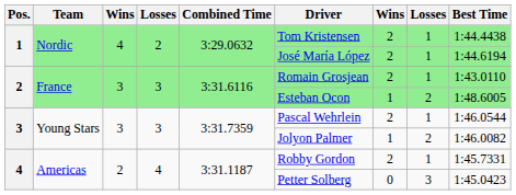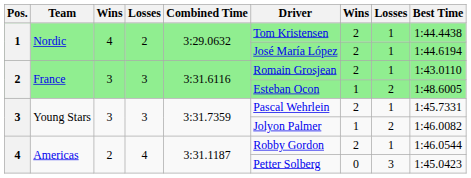 <table class="wikitable">
 <tr>
 <th>Pos.</th>
 <th>Team</th>
 <th>Wins</th>
 <th>Losses</th>
 <th>Combined Time</th>
 <th>Driver</th>
 <th>Wins</th>
 <th>Losses</th>
 <th>Best Time</th>
 </tr>
 <tr style="background:lightgreen;">
 <th rowspan=2>1</th>
 <td rowspan=2> <a href='#'>Nordic</a></td>
 <td rowspan="2" style="text-align:center;">4</td>
 <td rowspan="2" style="text-align:center;">2</td>
 <td rowspan="2" style="text-align:center;">3:29.0632</td>
 <td> <a href='#'>Tom Kristensen</a></td>
 <td style="text-align:center;">2</td>
 <td style="text-align:center;">1</td>
 <td style="text-align:center;">1:44.4438</td>
 </tr>
 <tr style="background:lightgreen;">
 <td> <a href='#'>José María López</a></td>
 <td style="text-align:center;">2</td>
 <td style="text-align:center;">1</td>
 <td style="text-align:center;">1:44.6194</td>
 </tr>
 <tr style="background:lightgreen;">
 <th rowspan=2>2</th>
 <td rowspan=2> <a href='#'>France</a></td>
 <td rowspan="2" style="text-align:center;">3</td>
 <td rowspan="2" style="text-align:center;">3</td>
 <td rowspan="2" style="text-align:center;">3:31.6116</td>
 <td> <a href='#'>Romain Grosjean</a></td>
 <td style="text-align:center;">2</td>
 <td style="text-align:center;">1</td>
 <td style="text-align:center;">1:43.0110</td>
 </tr>
 <tr style="background:lightgreen;">
 <td> <a href='#'>Esteban Ocon</a></td>
 <td style="text-align:center;">1</td>
 <td style="text-align:center;">2</td>
 <td style="text-align:center;">1:48.6005</td>
 </tr>
 <tr>
 <th rowspan=2>3</th>
 <td rowspan=2> Young Stars</td>
 <td rowspan="2" style="text-align:center;">3</td>
 <td rowspan="2" style="text-align:center;">3</td>
 <td rowspan="2" style="text-align:center;">3:31.7359</td>
 <td> <a href='#'>Pascal Wehrlein</a></td>
 <td style="text-align:center;">2</td>
 <td style="text-align:center;">1</td>
-<td style="text-align:center;">1:46.0544</td>
+<td style="text-align:center;">1:45.7331</td>
 </tr>
 <tr>
 <td> <a href='#'>Jolyon Palmer</a></td>
 <td style="text-align:center;">1</td>
 <td style="text-align:center;">2</td>
 <td style="text-align:center;">1:46.0082</td>
 </tr>
 <tr>
 <th rowspan=2>4</th>
 <td rowspan=2> <a href='#'>Americas</a></td>
 <td rowspan="2" style="text-align:center;">2</td>
 <td rowspan="2" style="text-align:center;">4</td>
 <td rowspan="2" style="text-align:center;">3:31.1187</td>
 <td> <a href='#'>Robby Gordon</a></td>
 <td style="text-align:center;">2</td>
 <td style="text-align:center;">1</td>
-<td style="text-align:center;">1:45.7331</td>
+<td style="text-align:center;">1:46.0544</td>
 </tr>
 <tr>
 <td> <a href='#'>Petter Solberg</a></td>
 <td style="text-align:center;">0</td>
 <td style="text-align:center;">3</td>
 <td style="text-align:center;">1:45.0423</td>
 </tr>
 </table>
